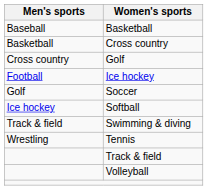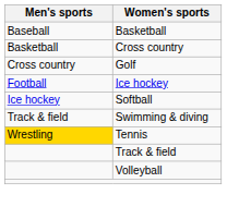 <table class="wikitable" style=" ">
 <tr>
 <th width=150px>Men's sports</th>
 <th width=150px>Women's sports</th>
 </tr>
 <tr>
 <td>Baseball</td>
 <td>Basketball</td>
 </tr>
 <tr>
 <td>Basketball</td>
 <td>Cross country</td>
 </tr>
 <tr>
 <td>Cross country</td>
 <td>Golf</td>
 </tr>
 <tr>
 <td><a href='#'>Football</a></td>
 <td><a href='#'>Ice hockey</a></td>
 </tr>
 <tr>
-<td>Golf</td>
-<td>Soccer</td>
-</tr>
-<tr>
 <td><a href='#'>Ice hockey</a></td>
 <td>Softball</td>
 </tr>
 <tr>
 <td>Track & field</td>
 <td>Swimming & diving</td>
 </tr>
 <tr>
-<td>Wrestling</td>
+<td style="background: gold;">Wrestling</td>
 <td>Tennis</td>
 </tr>
 <tr>
 <td></td>
 <td>Track & field</td>
 </tr>
 <tr>
 <td></td>
 <td>Volleyball</td>
 </tr>
 <tr>
 <td colspan="2"></td>
 </tr>
 </table>
